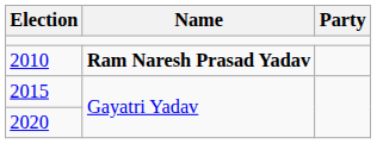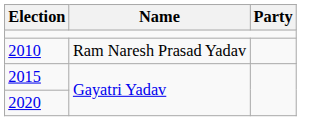 <table class="wikitable sortable">
 <tr>
 <th>Election</th>
 <th>Name</th>
 <th colspan="2">Party</th>
 </tr>
 <tr>
 <td colspan="4"></td>
 </tr>
 <tr>
 <td><a href='#'>2010</a></td>
-<td><strong>Ram Naresh Prasad Yadav</strong></td>
+<td>Ram Naresh Prasad Yadav</td>
 <td></td>
 </tr>
 <tr>
 <td><a href='#'>2015</a></td>
 <td rowspan="2"><a href='#'>Gayatri Yadav</a></td>
 </tr>
 <tr>
 <td><a href='#'>2020</a></td>
 </tr>
 </table>
